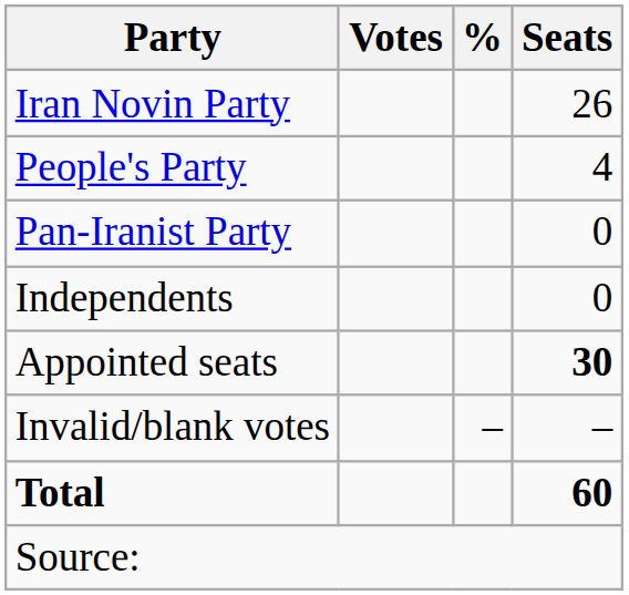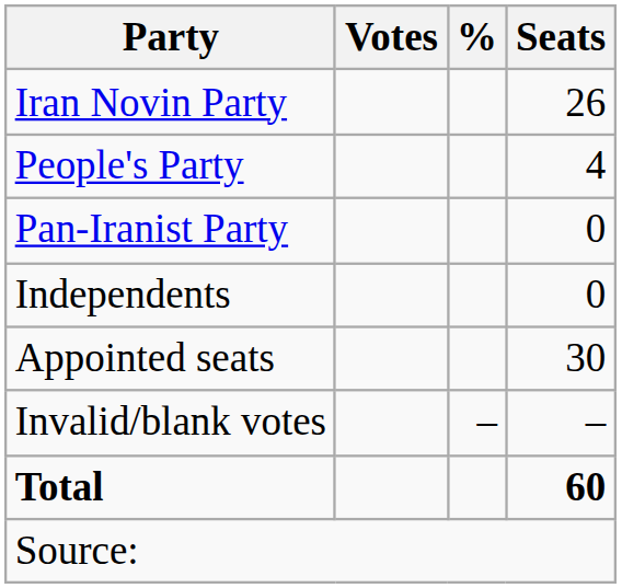 <table class=wikitable style=text-align:right>
 <tr>
 <th>Party</th>
 <th>Votes</th>
 <th>%</th>
 <th>Seats</th>
 </tr>
 <tr>
 <td align=left><a href='#'>Iran Novin Party</a></td>
 <td></td>
 <td></td>
 <td>26</td>
 </tr>
 <tr>
 <td align=left><a href='#'>People's Party</a></td>
 <td></td>
 <td></td>
 <td>4</td>
 </tr>
 <tr>
 <td align=left><a href='#'>Pan-Iranist Party</a></td>
 <td></td>
 <td></td>
 <td>0</td>
 </tr>
 <tr>
 <td align=left>Independents</td>
 <td></td>
 <td></td>
 <td>0</td>
 </tr>
 <tr>
 <td align=left>Appointed seats</td>
 <td></td>
 <td></td>
-<td><strong>30</strong></td>
+<td>30</td>
 </tr>
 <tr>
 <td align=left>Invalid/blank votes</td>
 <td></td>
 <td>–</td>
 <td>–</td>
 </tr>
 <tr>
 <td align=left><strong>Total</strong></td>
 <td><strong> </strong></td>
 <td><strong> </strong></td>
 <td><strong>60</strong></td>
 </tr>
 <tr>
 <td colspan=5 align=left>Source: </td>
 </tr>
 </table>
